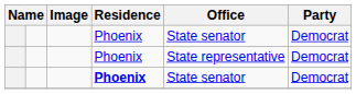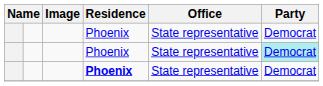 <table class="sortable wikitable">
 <tr valign=bottom>
 <th colspan="2">Name</th>
 <th>Image</th>
 <th>Residence</th>
 <th>Office</th>
 <th>Party</th>
 </tr>
 <tr>
 <th style="background-color:  "></th>
 <td></td>
 <td></td>
 <td><a href='#'>Phoenix</a></td>
-<td><a href='#'>State senator</a></td>
+<td><a href='#'>State representative</a></td>
 <td><a href='#'>Democrat</a></td>
 </tr>
 <tr>
 <th style="background-color:  "></th>
 <td></td>
 <td></td>
 <td><a href='#'>Phoenix</a></td>
 <td><a href='#'>State representative</a></td>
-<td><a href='#'>Democrat</a></td>
+<td style="background: paleturquoise;"><a href='#'>Democrat</a></td>
 </tr>
 <tr>
 <th style="background-color:  "></th>
 <td></td>
 <td></td>
 <td><strong><a href='#'>Phoenix</a></strong></td>
-<td><a href='#'>State senator</a></td>
+<td><a href='#'>State representative</a></td>
 <td><a href='#'>Democrat</a></td>
 </tr>
 <tr>
 </tr>
 </table>
